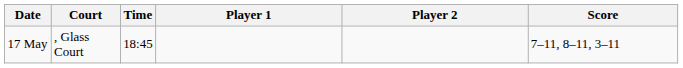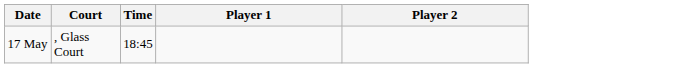 <table class="sortable wikitable" style="font-size:90%">
 <tr>
 <th width="45" class="unsortable">Date</th>
 <th width="70">Court</th>
 <th width="30">Time</th>
 <th width="200">Player 1</th>
 <th width="200">Player 2</th>
-<th width="160" class="unsortable">Score</th>
 </tr>
 <tr>
 <td>17 May</td>
 <td>, Glass Court</td>
 <td>18:45</td>
 <td></td>
 <td><strong></strong></td>
-<td>7–11, 8–11, 3–11</td>
 </tr>
 </table>
